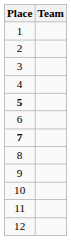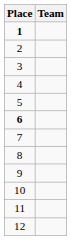 <table class="wikitable" style="text-align:center;">
 <tr>
 <th>Place</th>
 <th>Team</th>
 </tr>
 <tr>
-<td>1</td>
+<td><strong>1</strong></td>
 <td style="text-align:left;"></td>
 </tr>
 <tr>
 <td>2</td>
 <td style="text-align:left;"></td>
 </tr>
 <tr>
 <td>3</td>
 <td style="text-align:left;"></td>
 </tr>
 <tr>
 <td>4</td>
 <td style="text-align:left;"></td>
 </tr>
 <tr>
-<td><strong>5</strong></td>
+<td>5</td>
 <td style="text-align:left;"></td>
 </tr>
 <tr>
-<td>6</td>
+<td><strong>6</strong></td>
 <td style="text-align:left;"></td>
 </tr>
 <tr>
-<td><strong>7</strong></td>
+<td>7</td>
 <td style="text-align:left;"></td>
 </tr>
 <tr>
 <td>8</td>
 <td style="text-align:left;"></td>
 </tr>
 <tr>
 <td>9</td>
 <td style="text-align:left;"></td>
 </tr>
 <tr>
 <td>10</td>
 <td style="text-align:left;"></td>
 </tr>
 <tr>
 <td>11</td>
 <td style="text-align:left;"></td>
 </tr>
 <tr>
 <td>12</td>
 <td style="text-align:left;"></td>
 </tr>
 </table>
